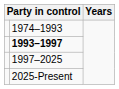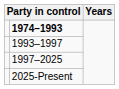 <table class="wikitable">
 <tr>
 <th colspan=2>Party in control</th>
 <th>Years</th>
 </tr>
 <tr>
 <td></td>
-<td>1974–1993</td>
+<td><strong>1974–1993</strong></td>
 </tr>
 <tr>
 <td></td>
-<td><strong>1993–1997</strong></td>
+<td>1993–1997</td>
 </tr>
 <tr>
 <td></td>
 <td>1997–2025</td>
 </tr>
 <tr>
 <td></td>
 <td>2025-Present</td>
 </tr>
 </table>
